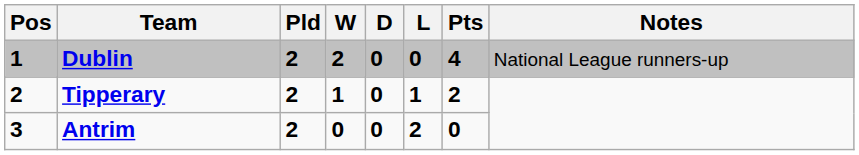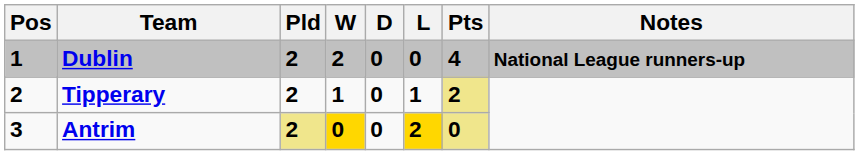 <table class="wikitable" style="text-align: centre;">
 <tr>
 <th width=20>Pos</th>
 <th width=150>Team</th>
 <th width=20>Pld</th>
 <th width=20>W</th>
 <th width=20>D</th>
 <th width=20>L</th>
 <th width=20>Pts</th>
 <th width=250>Notes</th>
 </tr>
 <tr style="background:silver;">
 <td><strong>1</strong></td>
 <td align=left><strong> <a href='#'>Dublin</a> </strong></td>
 <td><strong>2</strong></td>
 <td><strong>2</strong></td>
 <td><strong>0</strong></td>
 <td><strong>0</strong></td>
 <td><strong>4</strong></td>
-<td><small> National League runners-up</small></td>
+<td><strong><small> National League runners-up</small></strong></td>
 </tr>
 <tr style>
 <td><strong>2</strong></td>
 <td align=left><strong> <a href='#'>Tipperary</a> </strong></td>
 <td><strong>2</strong></td>
 <td><strong>1</strong></td>
 <td><strong>0</strong></td>
 <td><strong>1</strong></td>
-<td><strong>2</strong></td>
+<td style="background: khaki;"><strong>2</strong></td>
 </tr>
 <tr>
 <td><strong>3</strong></td>
 <td align=left><strong> <a href='#'>Antrim</a> </strong></td>
-<td><strong>2</strong></td>
+<td style="background: khaki;"><strong>2</strong></td>
+<td style="background: gold;"><strong>0</strong></td>
 <td><strong>0</strong></td>
-<td><strong>0</strong></td>
-<td><strong>2</strong></td>
-<td><strong>0</strong></td>
+<td style="background: gold;"><strong>2</strong></td>
+<td style="background: khaki;"><strong>0</strong></td>
 </tr>
 </table>
